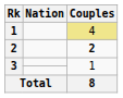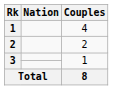 <table class="wikitable sortable" style="text-align: center;">
 <tr>
 <th>Rk</th>
 <th>Nation</th>
 <th>Couples</th>
 </tr>
 <tr>
 <th>1</th>
 <td></td>
-<td style="background: khaki;">4</td>
+<td>4</td>
 </tr>
 <tr>
 <th>2</th>
 <td></td>
-<td><strong>2</strong></td>
+<td>2</td>
 </tr>
 <tr>
 <th rowspan=2>3</th>
 <td></td>
 <td rowspan=2>1</td>
 </tr>
 <tr>
 <td></td>
 </tr>
 <tr class="sortbottom">
 <th colspan="2">Total</th>
 <th>8</th>
 </tr>
 </table>
